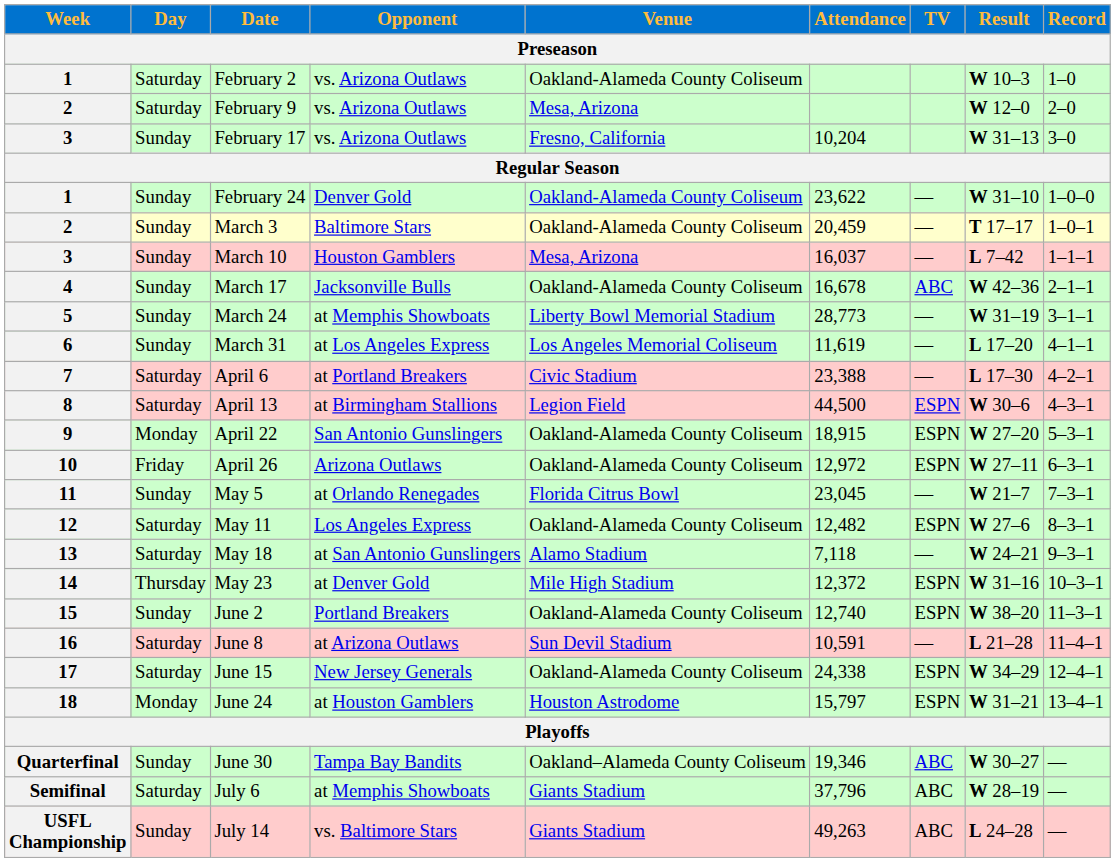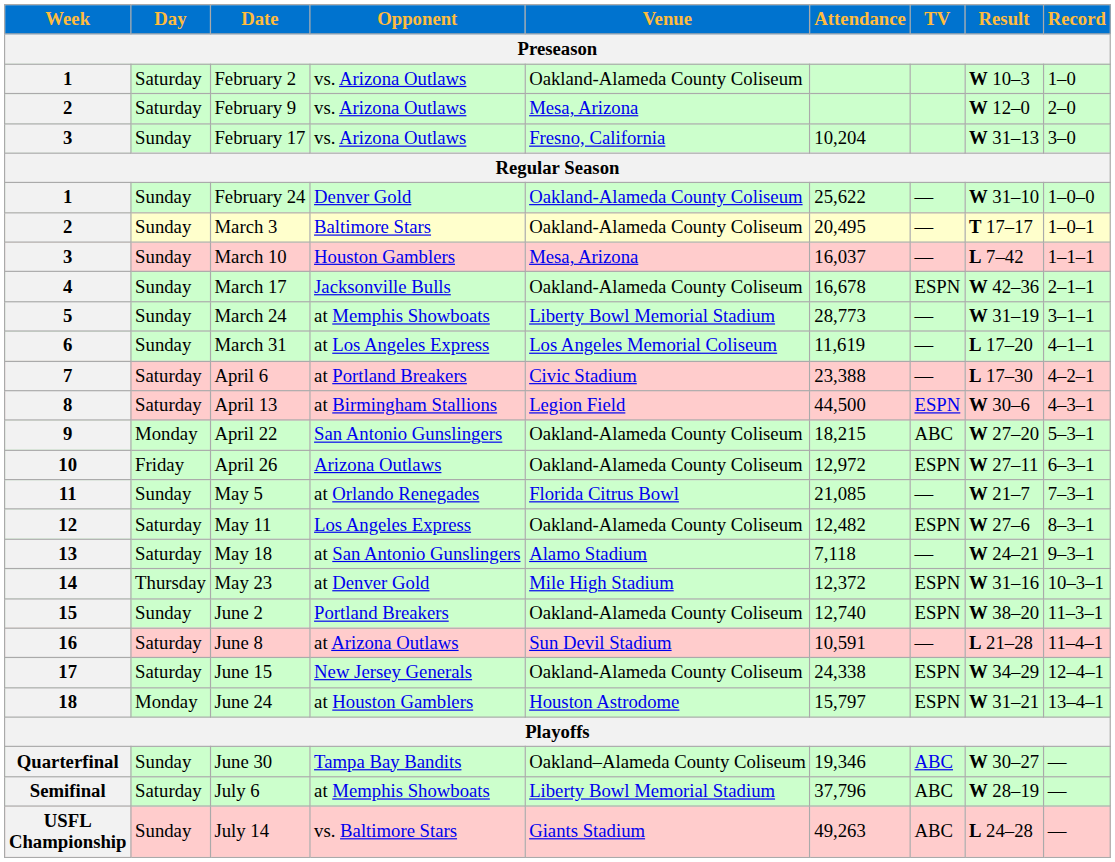 <table class="wikitable">
 <tr>
 <th style="background:#0073CF; color:#FFBC3D;">Week</th>
 <th style="background:#0073CF; color:#FFBC3D;">Day</th>
 <th style="background:#0073CF; color:#FFBC3D;">Date</th>
 <th style="background:#0073CF; color:#FFBC3D;">Opponent</th>
 <th style="background:#0073CF; color:#FFBC3D;">Venue</th>
 <th style="background:#0073CF; color:#FFBC3D;">Attendance</th>
 <th style="background:#0073CF; color:#FFBC3D;">TV</th>
 <th style="background:#0073CF; color:#FFBC3D;">Result</th>
 <th style="background:#0073CF; color:#FFBC3D;">Record</th>
 </tr>
 <tr style="text-align:center;">
 <th colspan="9">Preseason</th>
 </tr>
 <tr style="background:#cfc">
 <th>1</th>
 <td>Saturday</td>
 <td>February 2</td>
 <td>vs. <a href='#'>Arizona Outlaws</a></td>
 <td>Oakland-Alameda County Coliseum</td>
 <td></td>
 <td></td>
 <td><strong>W</strong> 10–3</td>
 <td>1–0</td>
 </tr>
 <tr style="background:#cfc">
 <th>2</th>
 <td>Saturday</td>
 <td>February 9</td>
 <td>vs. <a href='#'>Arizona Outlaws</a></td>
 <td><a href='#'>Mesa, Arizona</a></td>
 <td></td>
 <td></td>
 <td><strong>W</strong> 12–0</td>
 <td>2–0</td>
 </tr>
 <tr style="background:#cfc">
 <th>3</th>
 <td>Sunday</td>
 <td>February 17</td>
 <td>vs. <a href='#'>Arizona Outlaws</a></td>
 <td><a href='#'>Fresno, California</a></td>
 <td>10,204</td>
 <td></td>
 <td><strong>W</strong> 31–13</td>
 <td>3–0</td>
 </tr>
 <tr style="text-align:center;">
 <th colspan="9">Regular Season</th>
 </tr>
 <tr style="background:#cfc">
 <th>1</th>
 <td>Sunday</td>
 <td>February 24</td>
 <td><a href='#'>Denver Gold</a></td>
 <td><a href='#'>Oakland-Alameda County Coliseum</a></td>
-<td>23,622</td>
+<td>25,622</td>
 <td>—</td>
 <td><strong>W</strong> 31–10</td>
 <td>1–0–0</td>
 </tr>
 <tr style="background:#ffc">
 <th>2</th>
 <td>Sunday</td>
 <td>March 3</td>
 <td><a href='#'>Baltimore Stars</a></td>
 <td>Oakland-Alameda County Coliseum</td>
-<td>20,459</td>
+<td>20,495</td>
 <td>—</td>
 <td><strong>T</strong> 17–17 </td>
 <td>1–0–1</td>
 </tr>
 <tr style="background:#fcc">
 <th>3</th>
 <td>Sunday</td>
 <td>March 10</td>
 <td><a href='#'>Houston Gamblers</a></td>
 <td><a href='#'>Mesa, Arizona</a></td>
 <td>16,037</td>
 <td>—</td>
 <td><strong>L</strong> 7–42</td>
 <td>1–1–1</td>
 </tr>
 <tr style="background:#cfc">
 <th>4</th>
 <td>Sunday</td>
 <td>March 17</td>
 <td><a href='#'>Jacksonville Bulls</a></td>
 <td>Oakland-Alameda County Coliseum</td>
 <td>16,678</td>
-<td><a href='#'>ABC</a></td>
+<td>ESPN</td>
 <td><strong>W</strong> 42–36</td>
 <td>2–1–1</td>
 </tr>
 <tr style="background:#cfc">
 <th>5</th>
 <td>Sunday</td>
 <td>March 24</td>
 <td>at <a href='#'>Memphis Showboats</a></td>
 <td><a href='#'>Liberty Bowl Memorial Stadium</a></td>
 <td>28,773</td>
 <td>—</td>
 <td><strong>W</strong> 31–19</td>
 <td>3–1–1</td>
 </tr>
 <tr style="background:#cfc">
 <th>6</th>
 <td>Sunday</td>
 <td>March 31</td>
 <td>at <a href='#'>Los Angeles Express</a></td>
 <td><a href='#'>Los Angeles Memorial Coliseum</a></td>
 <td>11,619</td>
 <td>—</td>
 <td><strong>L</strong> 17–20</td>
 <td>4–1–1</td>
 </tr>
 <tr style="background:#fcc">
 <th>7</th>
 <td>Saturday</td>
 <td>April 6</td>
 <td>at <a href='#'>Portland Breakers</a></td>
 <td><a href='#'>Civic Stadium</a></td>
 <td>23,388</td>
 <td>—</td>
 <td><strong>L</strong> 17–30</td>
 <td>4–2–1</td>
 </tr>
 <tr style="background:#fcc">
 <th>8</th>
 <td>Saturday</td>
 <td>April 13</td>
 <td>at <a href='#'>Birmingham Stallions</a></td>
 <td><a href='#'>Legion Field</a></td>
 <td>44,500</td>
 <td><a href='#'>ESPN</a></td>
 <td><strong>W</strong> 30–6</td>
 <td>4–3–1</td>
 </tr>
 <tr style="background:#cfc">
 <th>9</th>
 <td>Monday</td>
 <td>April 22</td>
 <td><a href='#'>San Antonio Gunslingers</a></td>
 <td>Oakland-Alameda County Coliseum</td>
-<td>18,915</td>
-<td>ESPN</td>
+<td>18,215</td>
+<td>ABC</td>
 <td><strong>W</strong> 27–20</td>
 <td>5–3–1</td>
 </tr>
 <tr style="background:#cfc">
 <th>10</th>
 <td>Friday</td>
 <td>April 26</td>
 <td><a href='#'>Arizona Outlaws</a></td>
 <td>Oakland-Alameda County Coliseum</td>
 <td>12,972</td>
 <td>ESPN</td>
 <td><strong>W</strong> 27–11</td>
 <td>6–3–1</td>
 </tr>
 <tr style="background:#cfc">
 <th>11</th>
 <td>Sunday</td>
 <td>May 5</td>
 <td>at <a href='#'>Orlando Renegades</a></td>
 <td><a href='#'>Florida Citrus Bowl</a></td>
-<td>23,045</td>
+<td>21,085</td>
 <td>—</td>
 <td><strong>W</strong> 21–7</td>
 <td>7–3–1</td>
 </tr>
 <tr style="background:#cfc">
 <th>12</th>
 <td>Saturday</td>
 <td>May 11</td>
 <td><a href='#'>Los Angeles Express</a></td>
 <td>Oakland-Alameda County Coliseum</td>
 <td>12,482</td>
 <td>ESPN</td>
 <td><strong>W</strong> 27–6</td>
 <td>8–3–1</td>
 </tr>
 <tr style="background:#cfc">
 <th>13</th>
 <td>Saturday</td>
 <td>May 18</td>
 <td>at <a href='#'>San Antonio Gunslingers</a></td>
 <td><a href='#'>Alamo Stadium</a></td>
 <td>7,118</td>
 <td>—</td>
 <td><strong>W</strong> 24–21</td>
 <td>9–3–1</td>
 </tr>
 <tr style="background:#cfc">
 <th>14</th>
 <td>Thursday</td>
 <td>May 23</td>
 <td>at <a href='#'>Denver Gold</a></td>
 <td><a href='#'>Mile High Stadium</a></td>
 <td>12,372</td>
 <td>ESPN</td>
 <td><strong>W</strong> 31–16</td>
 <td>10–3–1</td>
 </tr>
 <tr style="background:#cfc">
 <th>15</th>
 <td>Sunday</td>
 <td>June 2</td>
 <td><a href='#'>Portland Breakers</a></td>
 <td>Oakland-Alameda County Coliseum</td>
 <td>12,740</td>
 <td>ESPN</td>
 <td><strong>W</strong> 38–20</td>
 <td>11–3–1</td>
 </tr>
 <tr style="background:#fcc">
 <th>16</th>
 <td>Saturday</td>
 <td>June 8</td>
 <td>at <a href='#'>Arizona Outlaws</a></td>
 <td><a href='#'>Sun Devil Stadium</a></td>
 <td>10,591</td>
 <td>—</td>
 <td><strong>L</strong> 21–28</td>
 <td>11–4–1</td>
 </tr>
 <tr style="background:#cfc">
 <th>17</th>
 <td>Saturday</td>
 <td>June 15</td>
 <td><a href='#'>New Jersey Generals</a></td>
 <td>Oakland-Alameda County Coliseum</td>
 <td>24,338</td>
 <td>ESPN</td>
 <td><strong>W</strong> 34–29</td>
 <td>12–4–1</td>
 </tr>
 <tr style="background:#cfc">
 <th>18</th>
 <td>Monday</td>
 <td>June 24</td>
 <td>at <a href='#'>Houston Gamblers</a></td>
 <td><a href='#'>Houston Astrodome</a></td>
 <td>15,797</td>
 <td>ESPN</td>
 <td><strong>W</strong> 31–21</td>
 <td>13–4–1</td>
 </tr>
 <tr style="text-align:center;">
 <th colspan="9">Playoffs</th>
 </tr>
 <tr style="background:#cfc">
 <th>Quarterfinal</th>
 <td>Sunday</td>
 <td>June 30</td>
 <td><a href='#'>Tampa Bay Bandits</a></td>
 <td>Oakland–Alameda County Coliseum</td>
 <td>19,346</td>
 <td><a href='#'>ABC</a></td>
 <td><strong>W</strong> 30–27</td>
 <td>—</td>
 </tr>
 <tr style="background:#cfc">
 <th>Semifinal</th>
 <td>Saturday</td>
 <td>July 6</td>
 <td>at <a href='#'>Memphis Showboats</a></td>
-<td><a href='#'>Giants Stadium</a></td>
+<td><a href='#'>Liberty Bowl Memorial Stadium</a></td>
 <td>37,796</td>
 <td>ABC</td>
 <td><strong>W</strong> 28–19</td>
 <td>—</td>
 </tr>
 <tr style="background:#fcc">
 <th>USFL<br>Championship</th>
 <td>Sunday</td>
 <td>July 14</td>
 <td>vs. <a href='#'>Baltimore Stars</a></td>
 <td><a href='#'>Giants Stadium</a></td>
 <td>49,263</td>
 <td>ABC</td>
 <td><strong>L</strong> 24–28</td>
 <td>—</td>
 </tr>
 </table>
